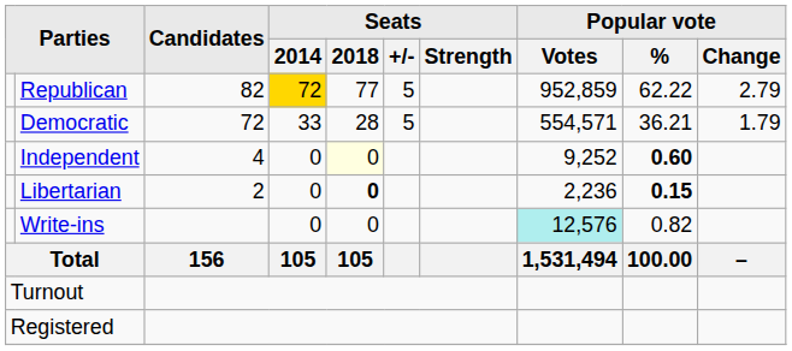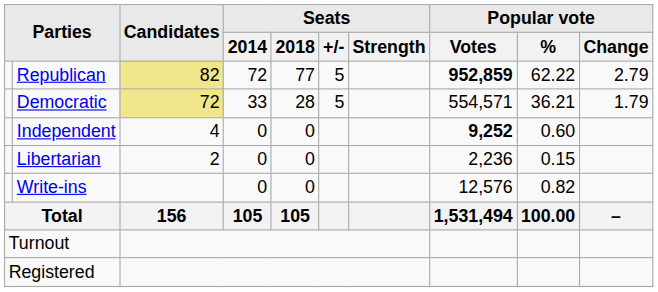 <table class=wikitable>
 <tr>
 <th style="background-color:#E9E9E9" align=center rowspan= 2 colspan=2>Parties</th>
 <th style="background-color:#E9E9E9" align=center rowspan= 2>Candidates</th>
 <th style="background-color:#E9E9E9" align=center colspan=4>Seats</th>
 <th style="background-color:#E9E9E9" align=center colspan=3>Popular vote</th>
 </tr>
 <tr>
 <th align=center>2014</th>
 <th align=center>2018</th>
 <th align=center>+/-</th>
 <th align=center>Strength</th>
 <th align=center>Votes</th>
 <th align=center>%</th>
 <th align=center>Change</th>
 </tr>
 <tr>
 <td></td>
 <td align=left><a href='#'>Republican</a></td>
-<td align=right>82</td>
-<td align=right style="background: gold;">72</td>
+<td align=right style="background: khaki;">82</td>
+<td align=right>72</td>
 <td align=right>77</td>
 <td align=right> 5</td>
 <td align=right></td>
-<td align=right>952,859</td>
+<td align=right><strong>952,859</strong></td>
 <td align=right>62.22</td>
 <td align=right> 2.79</td>
 </tr>
 <tr>
 <td></td>
 <td align=left><a href='#'>Democratic</a></td>
-<td align=right>72</td>
+<td align=right style="background: khaki;">72</td>
 <td align=right>33</td>
 <td align=right>28</td>
 <td align=right> 5</td>
 <td align=right></td>
 <td align=right>554,571</td>
 <td align=right>36.21</td>
 <td align=right> 1.79</td>
 </tr>
 <tr>
 <td></td>
 <td><a href='#'>Independent</a></td>
 <td align=right>4</td>
 <td align=right>0</td>
-<td align=right style="background: lightyellow;">0</td>
+<td align=right>0</td>
 <td align=right></td>
 <td align=right></td>
-<td align=right>9,252</td>
-<td align=right><strong>0.60</strong></td>
+<td align=right><strong>9,252</strong></td>
+<td align=right>0.60</td>
 <td align=right></td>
 </tr>
 <tr>
 <td></td>
 <td><a href='#'>Libertarian</a></td>
 <td align=right>2</td>
 <td align=right>0</td>
-<td align=right><strong>0</strong></td>
+<td align=right>0</td>
 <td align=right></td>
 <td align=right></td>
 <td align=right>2,236</td>
-<td align=right><strong>0.15</strong></td>
+<td align=right>0.15</td>
 <td align=right></td>
 </tr>
 <tr>
 <td></td>
 <td><a href='#'>Write-ins</a></td>
 <td align=right></td>
 <td align=right>0</td>
 <td align=right>0</td>
 <td align=right></td>
 <td align=right></td>
-<td align=right style="background: paleturquoise;">12,576</td>
+<td align=right>12,576</td>
 <td align=right>0.82</td>
 <td align=right></td>
 </tr>
 <tr>
 <th align=center colspan="2">Total</th>
 <th align=center>156</th>
 <th align=center>105</th>
 <th align=center>105</th>
 <th align=center></th>
 <th align=center></th>
 <th align=center>1,531,494</th>
 <th align=center>100.00</th>
 <th align=center>–</th>
 </tr>
 <tr>
 <td align=left colspan="2">Turnout</td>
 <td colspan=5></td>
 <td align=right></td>
 <td align=right></td>
 <td align=right></td>
 </tr>
 <tr>
 <td align=left colspan="2">Registered</td>
 <td colspan=5></td>
 <td align=right></td>
 <td align=right></td>
 <td align=right></td>
 </tr>
 <tr>
 </tr>
 </table>
